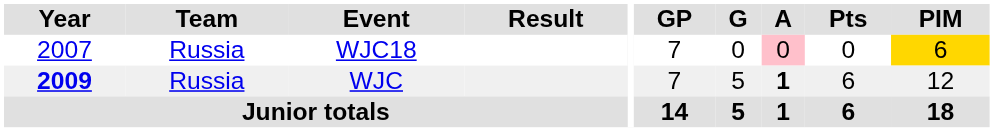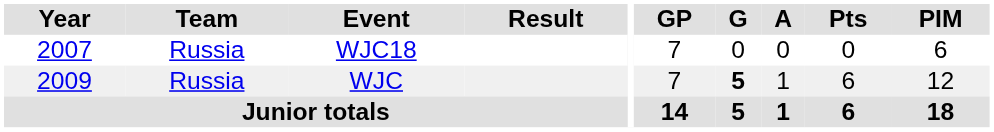 <table border="0" cellpadding="1" cellspacing="0" ID="Table3" style="text-align:center; width:40em">
 <tr ALIGN="center" bgcolor="#e0e0e0">
 <th>Year</th>
 <th>Team</th>
 <th>Event</th>
 <th>Result</th>
 <th rowspan="99" bgcolor="#ffffff"></th>
 <th>GP</th>
 <th>G</th>
 <th>A</th>
 <th>Pts</th>
 <th>PIM</th>
 </tr>
 <tr ALIGN="center">
 <td><a href='#'>2007</a></td>
 <td><a href='#'>Russia</a></td>
 <td><a href='#'>WJC18</a></td>
 <td></td>
 <td>7</td>
 <td>0</td>
-<td style="background: pink;">0</td>
 <td>0</td>
-<td style="background: gold;">6</td>
+<td>0</td>
+<td>6</td>
 </tr>
 <tr ALIGN="center" bgcolor="#f0f0f0">
-<td><strong><a href='#'>2009</a></strong></td>
+<td><a href='#'>2009</a></td>
 <td><a href='#'>Russia</a></td>
 <td><a href='#'>WJC</a></td>
 <td></td>
 <td>7</td>
-<td>5</td>
-<td><strong>1</strong></td>
+<td><strong>5</strong></td>
+<td>1</td>
 <td>6</td>
 <td>12</td>
 </tr>
 <tr bgcolor="#e0e0e0">
 <th colspan="4">Junior totals</th>
 <th>14</th>
 <th>5</th>
 <th>1</th>
 <th>6</th>
 <th>18</th>
 </tr>
 </table>
